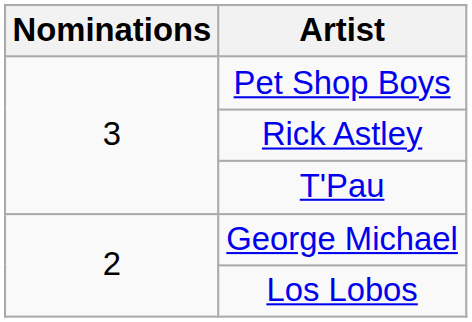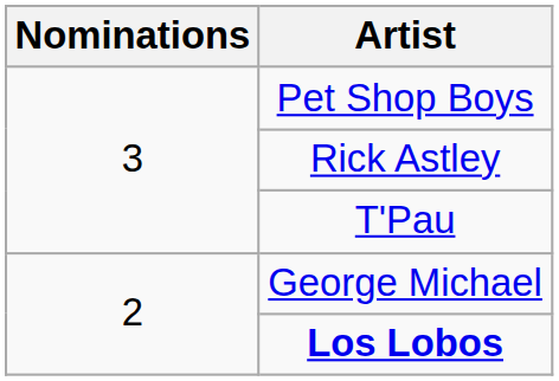 <table class="wikitable" rowspan="2" style="text-align:center;">
 <tr>
 <th scope="col" style="width:55px;">Nominations</th>
 <th scope="col" style="text-align:center;">Artist</th>
 </tr>
 <tr>
 <td rowspan="3">3</td>
 <td><a href='#'>Pet Shop Boys</a></td>
 </tr>
 <tr>
 <td><a href='#'>Rick Astley</a></td>
 </tr>
 <tr>
 <td><a href='#'>T'Pau</a></td>
 </tr>
 <tr>
 <td rowspan="2">2</td>
 <td><a href='#'>George Michael</a></td>
 </tr>
 <tr>
-<td><a href='#'>Los Lobos</a></td>
+<td><strong><a href='#'>Los Lobos</a></strong></td>
 </tr>
 </table>
